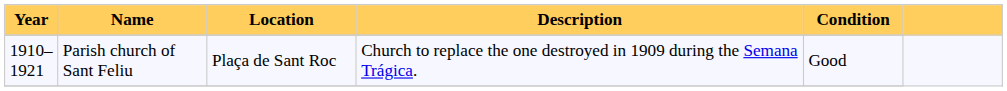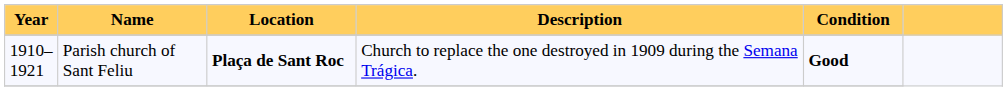 <table bgcolor="#f7f8ff" cellpadding="4" cellspacing="0" border="1" style="font-size: 95%; border: #cccccc solid 1px; border-collapse: collapse;">
 <tr>
 <th width="5%" style="background:#ffce5d;">Year</th>
 <th width="15%" style="background:#ffce5d;">Name</th>
 <th width="15%" style="background:#ffce5d;">Location</th>
 <th width="45%" style="background:#ffce5d;">Description</th>
 <th width="10%" style="background:#ffce5d;">Condition</th>
 <th width="10%" style="background:#ffce5d;"></th>
 </tr>
 <tr ---->
 </tr>
 <tr>
 <td>1910–1921</td>
 <td>Parish church of Sant Feliu</td>
-<td>Plaça de Sant Roc</td>
+<td><strong>Plaça de Sant Roc</strong></td>
 <td>Church to replace the one destroyed in 1909 during the <a href='#'>Semana Trágica</a>.</td>
-<td>Good</td>
+<td><strong>Good</strong></td>
 </tr>
 <tr>
 </tr>
 </table>
